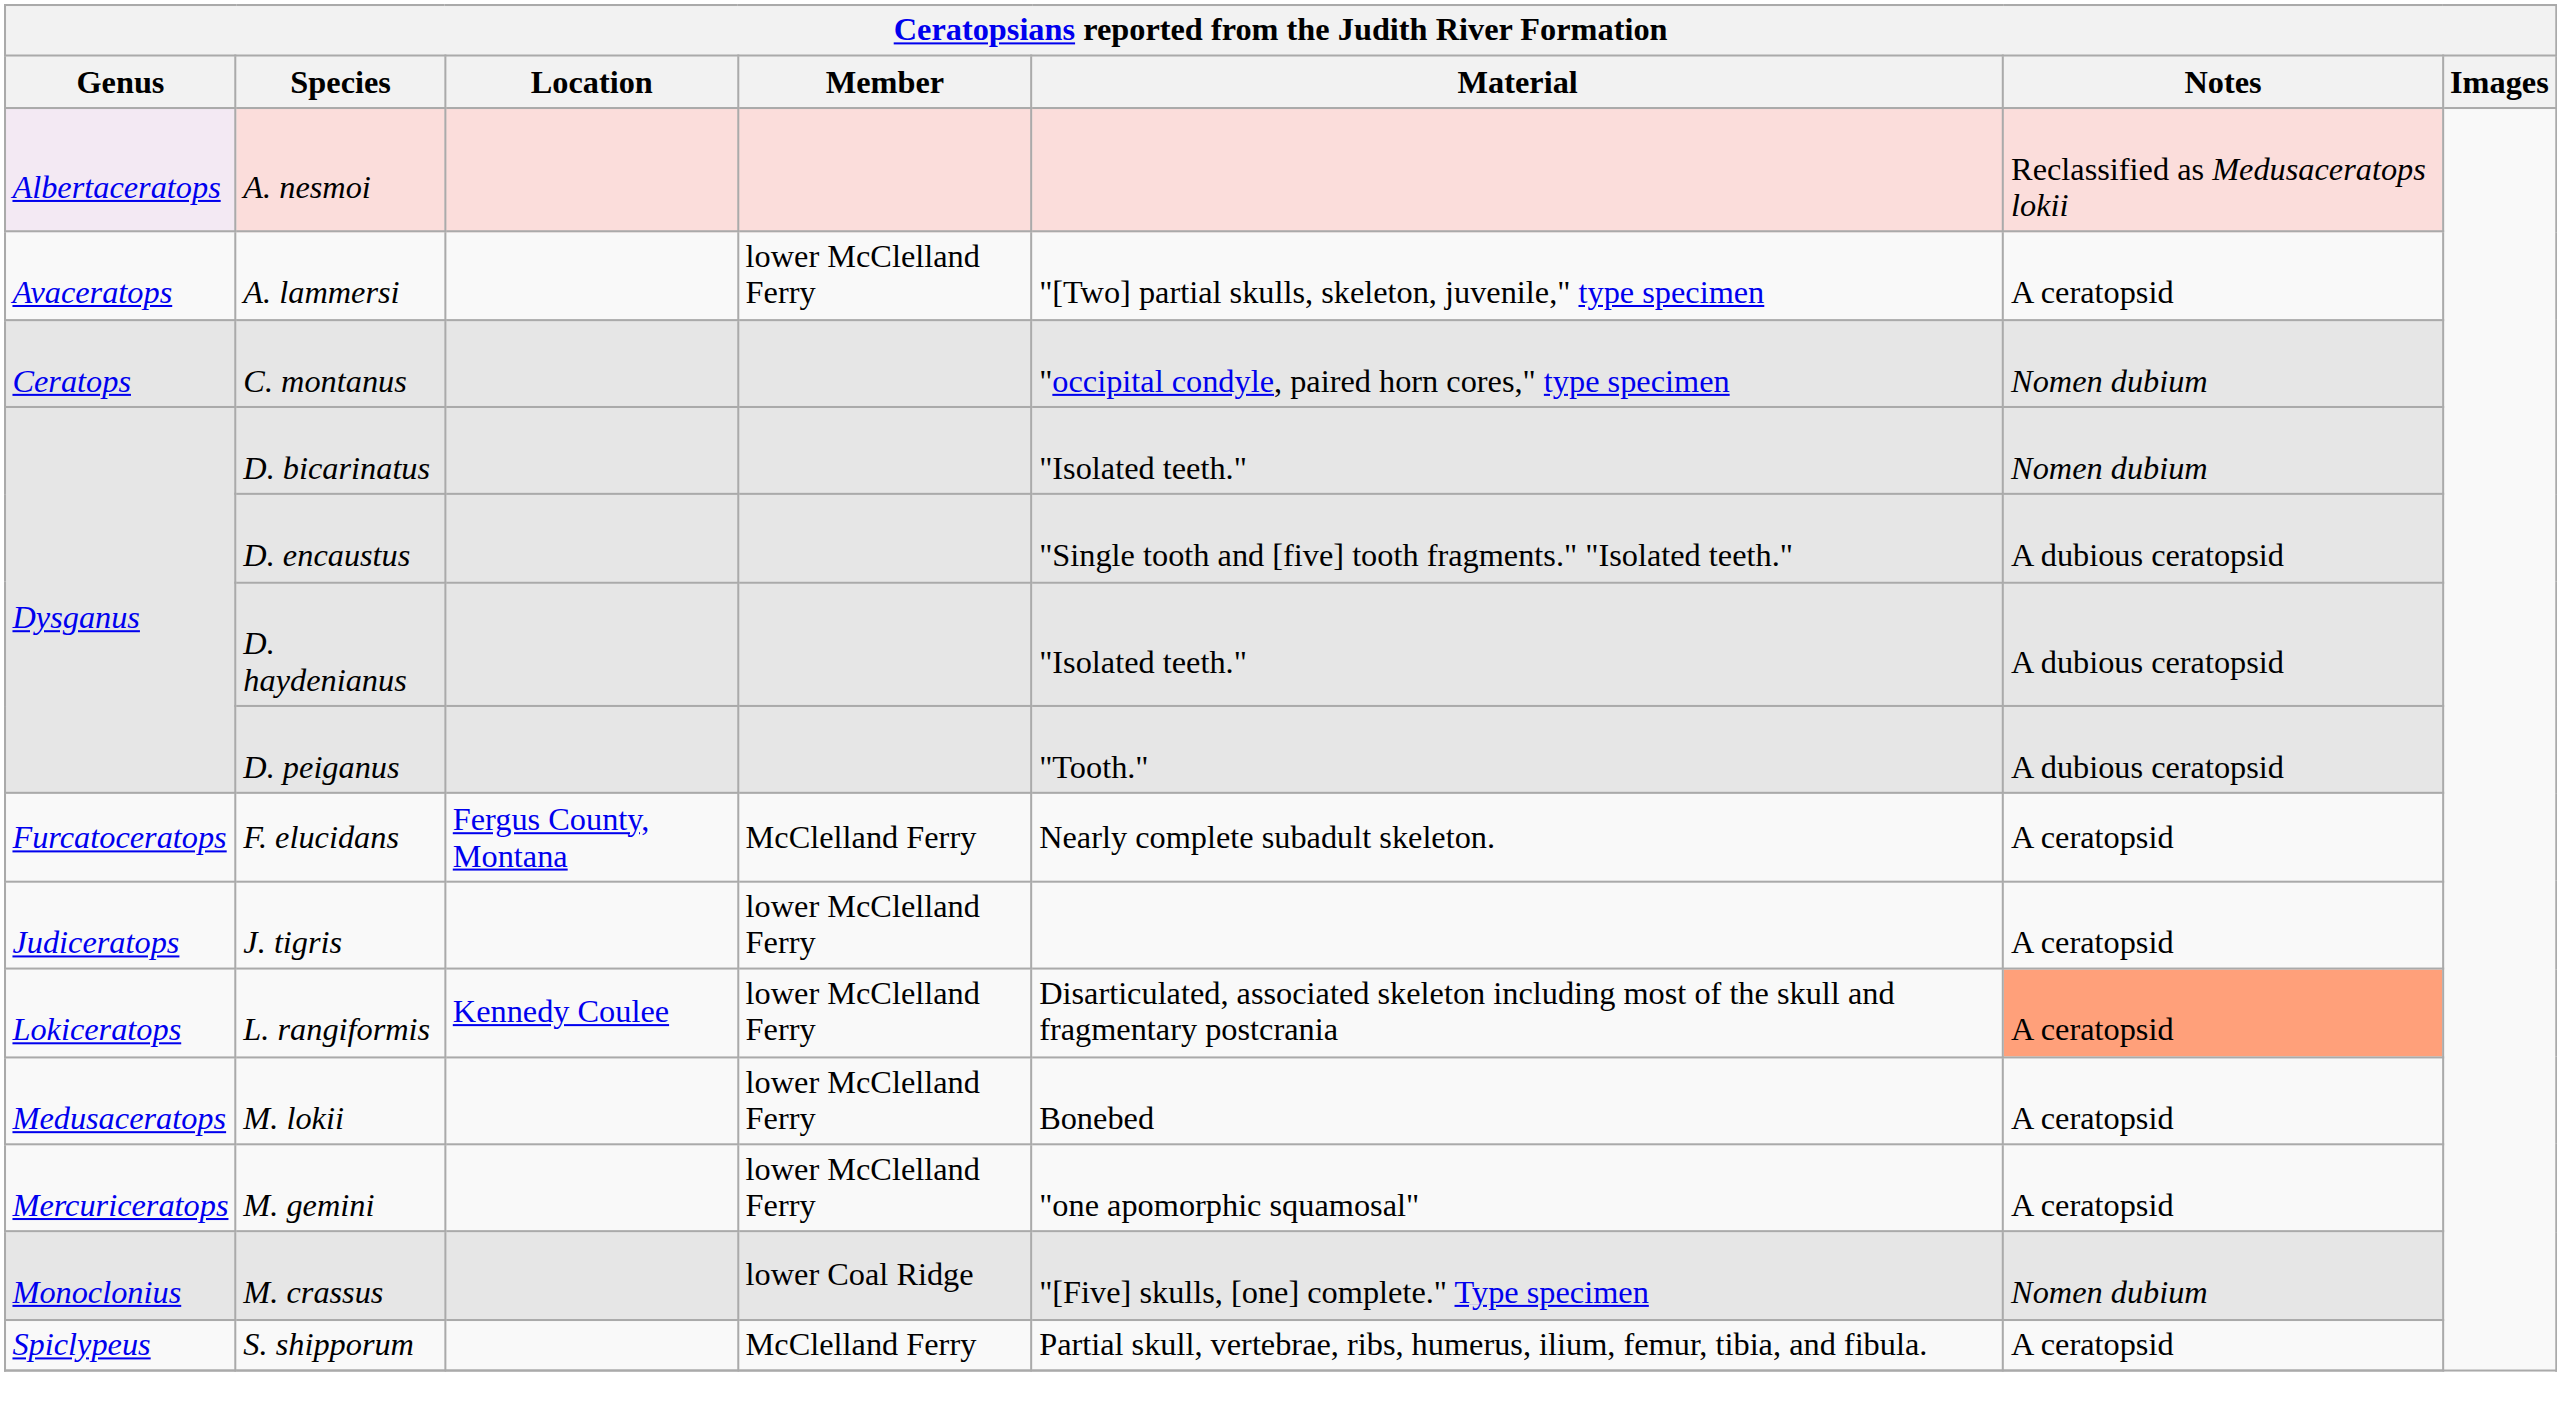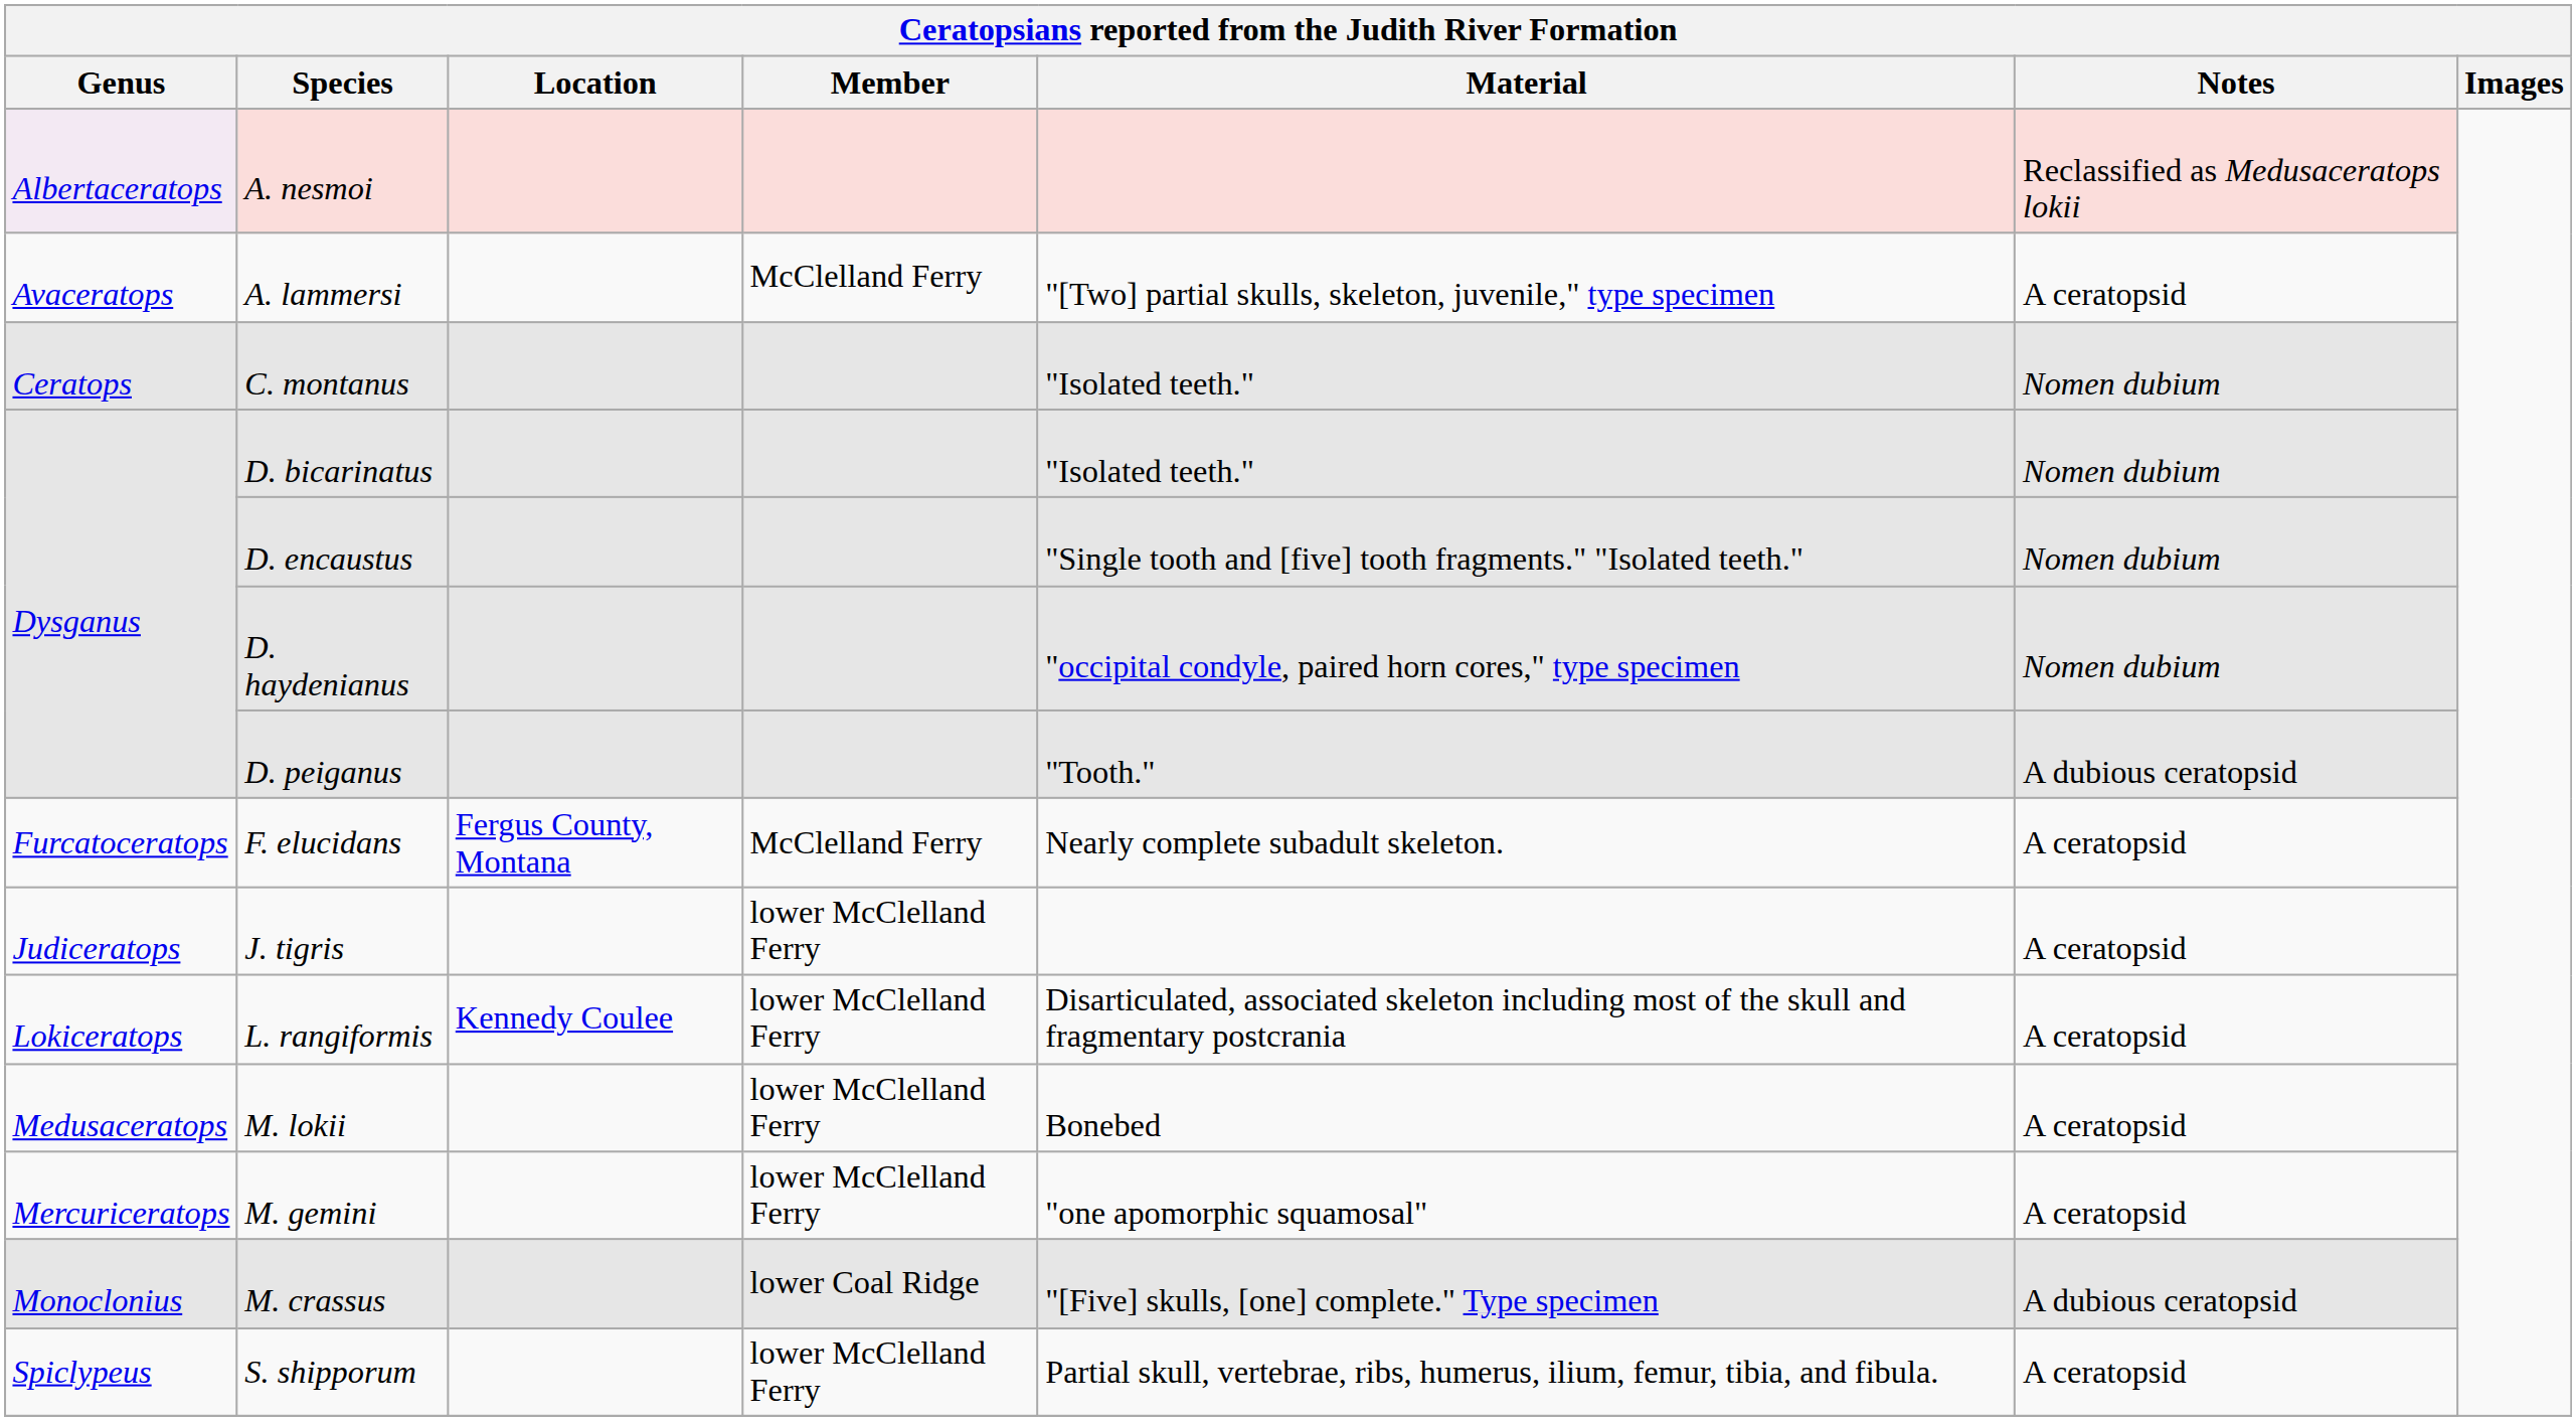 <table class="wikitable" align="center" width="100%">
 <tr>
 <th colspan="8" align="center"><strong><a href='#'>Ceratopsians</a> reported from the Judith River Formation</strong></th>
 </tr>
 <tr>
 <th>Genus</th>
 <th>Species</th>
 <th>Location</th>
 <th>Member</th>
 <th>Material</th>
 <th>Notes</th>
 <th>Images</th>
 </tr>
 <tr>
 <td style="background:#f3e9f3;"><br><em><a href='#'>Albertaceratops</a></em></td>
 <td style="background:#fbdddb;"><br><em>A. nesmoi</em></td>
 <td style="background:#fbdddb;"></td>
 <td style="background:#fbdddb;"></td>
 <td style="background:#fbdddb;"></td>
 <td style="background:#fbdddb;"><br>Reclassified as <em>Medusaceratops lokii</em></td>
 <td rowspan="103"><br>     </td>
 </tr>
 <tr>
 <td><br><em><a href='#'>Avaceratops</a></em></td>
 <td><br><em>A. lammersi</em></td>
 <td></td>
-<td>lower McClelland Ferry</td>
+<td>McClelland Ferry</td>
 <td><br>"[Two] partial skulls, skeleton, juvenile," <a href='#'>type specimen</a></td>
 <td><br>A ceratopsid</td>
 </tr>
 <tr>
 <td style="background:#E6E6E6;"><br><em><a href='#'>Ceratops</a></em></td>
 <td style="background:#E6E6E6;"><br><em>C. montanus</em></td>
 <td style="background:#E6E6E6;"></td>
 <td style="background:#E6E6E6;"></td>
-<td style="background:#E6E6E6;"><br>"<a href='#'>occipital condyle</a>, paired horn cores," <a href='#'>type specimen</a></td>
+<td style="background:#E6E6E6;"><br>"Isolated teeth."</td>
 <td style="background:#E6E6E6;"><br><em>Nomen dubium</em></td>
 </tr>
 <tr>
 <td rowspan="4" style="background:#E6E6E6;"><br><em><a href='#'>Dysganus</a></em></td>
 <td style="background:#E6E6E6;"><br><em>D. bicarinatus</em></td>
 <td style="background:#E6E6E6;"></td>
 <td style="background:#E6E6E6;"></td>
 <td style="background:#E6E6E6;"><br>"Isolated teeth."</td>
 <td style="background:#E6E6E6;"><br><em>Nomen dubium</em></td>
 </tr>
 <tr>
 <td style="background:#E6E6E6;"><br><em>D. encaustus</em></td>
 <td style="background:#E6E6E6;"></td>
 <td style="background:#E6E6E6;"></td>
 <td style="background:#E6E6E6;"><br>"Single tooth and [five] tooth fragments." "Isolated teeth."</td>
-<td style="background:#E6E6E6;"><br>A dubious ceratopsid</td>
+<td style="background:#E6E6E6;"><br><em>Nomen dubium</em></td>
 </tr>
 <tr>
 <td style="background:#E6E6E6;"><br><em>D. haydenianus</em></td>
 <td style="background:#E6E6E6;"></td>
 <td style="background:#E6E6E6;"></td>
-<td style="background:#E6E6E6;"><br>"Isolated teeth."</td>
-<td style="background:#E6E6E6;"><br>A dubious ceratopsid</td>
+<td style="background:#E6E6E6;"><br>"<a href='#'>occipital condyle</a>, paired horn cores," <a href='#'>type specimen</a></td>
+<td style="background:#E6E6E6;"><br><em>Nomen dubium</em></td>
 </tr>
 <tr>
 <td style="background:#E6E6E6;"><br><em>D. peiganus</em></td>
 <td style="background:#E6E6E6;"></td>
 <td style="background:#E6E6E6;"></td>
 <td style="background:#E6E6E6;"><br>"Tooth."</td>
 <td style="background:#E6E6E6;"><br>A dubious ceratopsid</td>
 </tr>
 <tr>
 <td><em><a href='#'>Furcatoceratops</a></em></td>
 <td><em>F. elucidans</em></td>
 <td><a href='#'>Fergus County, Montana</a></td>
 <td>McClelland Ferry</td>
 <td>Nearly complete subadult skeleton.</td>
 <td>A ceratopsid</td>
 </tr>
 <tr>
 <td><br><em><a href='#'>Judiceratops</a></em></td>
 <td><br><em>J. tigris</em></td>
 <td></td>
 <td>lower McClelland Ferry</td>
 <td></td>
 <td><br>A ceratopsid</td>
 </tr>
 <tr>
 <td><br><em><a href='#'>Lokiceratops</a></em></td>
 <td><br><em>L. rangiformis</em></td>
 <td><a href='#'>Kennedy Coulee</a></td>
 <td>lower McClelland Ferry</td>
 <td>Disarticulated, associated skeleton including most of the skull and fragmentary postcrania</td>
-<td style="background: lightsalmon;"><br>A ceratopsid</td>
+<td><br>A ceratopsid</td>
 </tr>
 <tr>
 <td><br><em><a href='#'>Medusaceratops</a></em></td>
 <td><br><em>M. lokii</em></td>
 <td></td>
 <td>lower McClelland Ferry</td>
 <td><br>Bonebed</td>
 <td><br>A ceratopsid</td>
 </tr>
 <tr>
 <td><br><em><a href='#'>Mercuriceratops</a></em></td>
 <td><br><em>M. gemini</em></td>
 <td></td>
 <td>lower McClelland Ferry</td>
 <td><br>"one apomorphic squamosal"</td>
 <td><br>A ceratopsid</td>
 </tr>
 <tr>
 <td style="background:#E6E6E6;"><br><em><a href='#'>Monoclonius</a></em></td>
 <td style="background:#E6E6E6;"><br><em>M. crassus</em></td>
 <td style="background:#E6E6E6;"></td>
 <td style="background:#E6E6E6;">lower Coal Ridge</td>
 <td style="background:#E6E6E6;"><br>"[Five] skulls, [one] complete." <a href='#'>Type specimen</a></td>
-<td style="background:#E6E6E6;"><br><em>Nomen dubium</em></td>
+<td style="background:#E6E6E6;"><br>A dubious ceratopsid</td>
 </tr>
 <tr>
 <td><em><a href='#'>Spiclypeus</a></em></td>
 <td><em>S. shipporum</em></td>
 <td></td>
-<td>McClelland Ferry</td>
+<td>lower McClelland Ferry</td>
 <td>Partial skull, vertebrae, ribs, humerus, ilium, femur, tibia, and fibula.</td>
 <td>A ceratopsid</td>
 </tr>
 <tr>
 </tr>
 </table>
